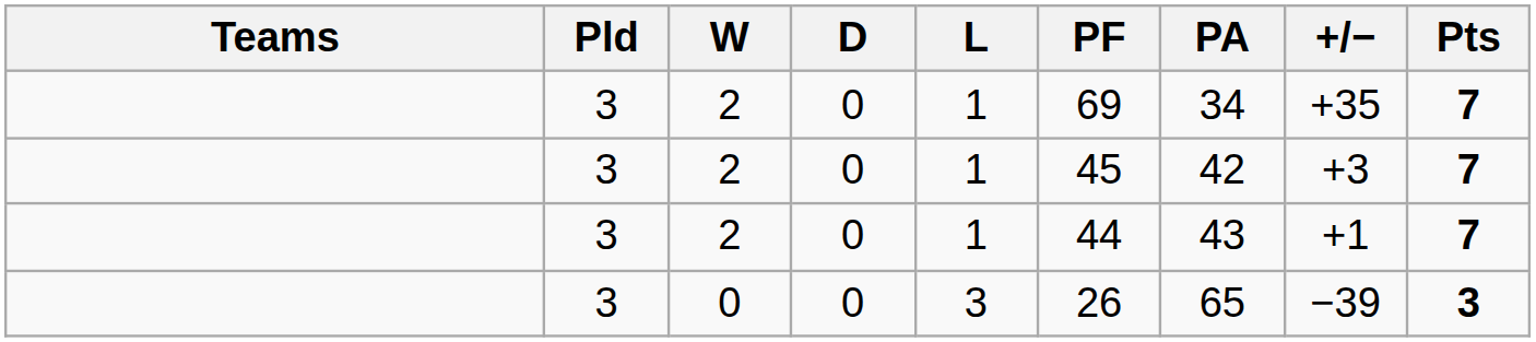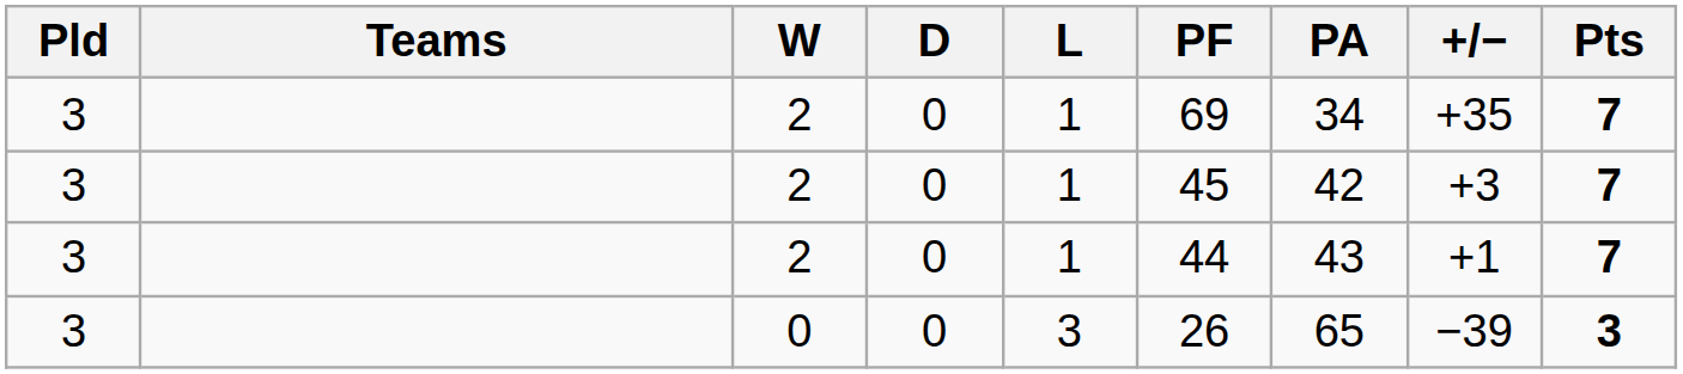 <table class="wikitable" style="text-align: center;">
 <tr>
+<th width="40">Pld</th>
 <th width="200">Teams</th>
-<th width="40">Pld</th>
 <th width="40">W</th>
 <th width="40">D</th>
 <th width="40">L</th>
 <th width="40">PF</th>
 <th width="40">PA</th>
 <th width="40">+/−</th>
 <th width="40">Pts</th>
 </tr>
 <tr>
+<td>3</td>
 <td align=left></td>
-<td>3</td>
 <td>2</td>
 <td>0</td>
 <td>1</td>
 <td>69</td>
 <td>34</td>
 <td>+35</td>
 <td><strong>7</strong></td>
 </tr>
 <tr>
+<td>3</td>
 <td align=left></td>
-<td>3</td>
 <td>2</td>
 <td>0</td>
 <td>1</td>
 <td>45</td>
 <td>42</td>
 <td>+3</td>
 <td><strong>7</strong></td>
 </tr>
 <tr>
+<td>3</td>
 <td align=left></td>
-<td>3</td>
 <td>2</td>
 <td>0</td>
 <td>1</td>
 <td>44</td>
 <td>43</td>
 <td>+1</td>
 <td><strong>7</strong></td>
 </tr>
 <tr>
+<td>3</td>
 <td align=left></td>
-<td>3</td>
 <td>0</td>
 <td>0</td>
 <td>3</td>
 <td>26</td>
 <td>65</td>
 <td>−39</td>
 <td><strong>3</strong></td>
 </tr>
 </table>
